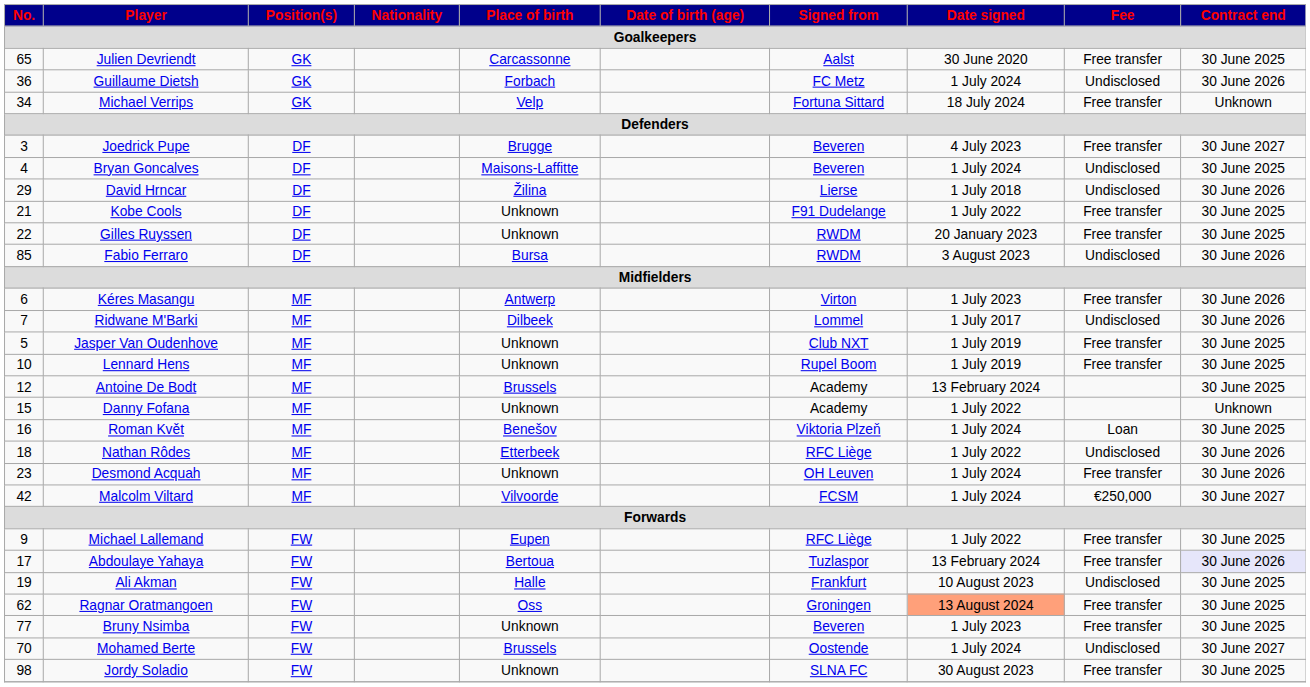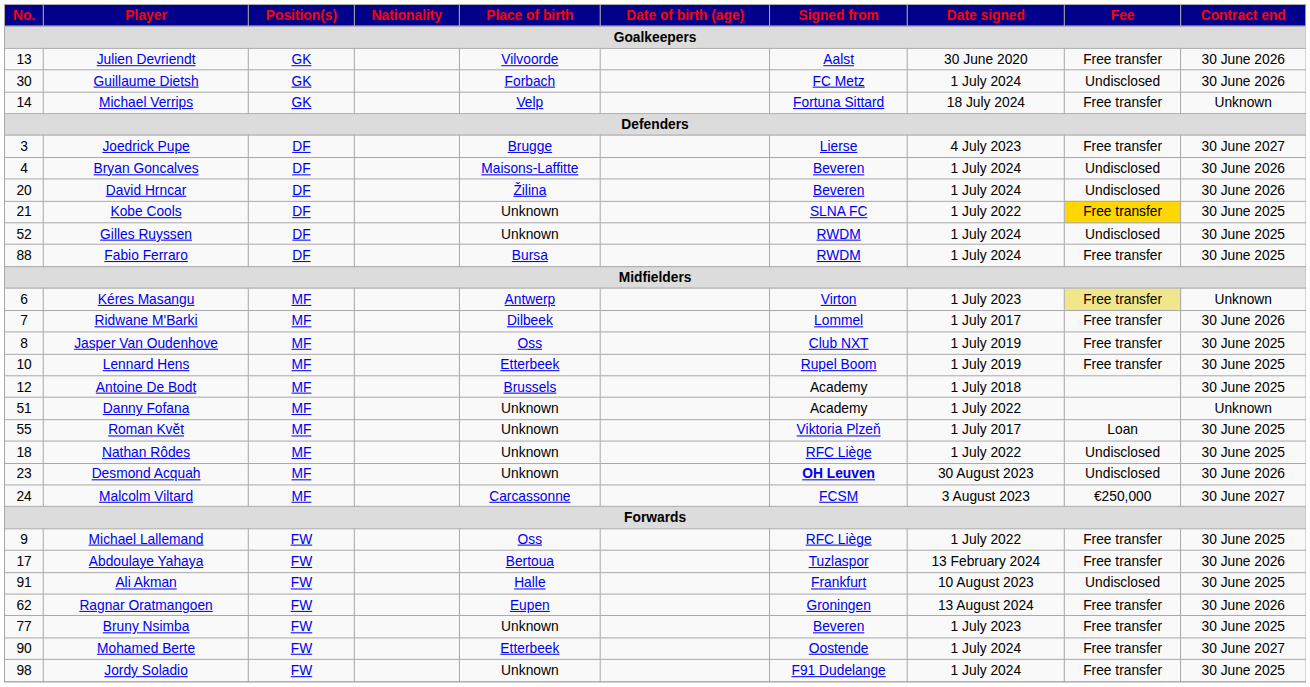 <table class="wikitable" style="text-align:center; font-size:84.5%; width:101%;">
 <tr>
 <th style="color:red; background:#00008B; text-align:center;">No.</th>
 <th style="color:red; background:#00008B; text-align:center;">Player</th>
 <th style="color:red; background:#00008B; text-align:center;">Position(s)</th>
 <th style="color:red; background:#00008B; text-align:center;">Nationality</th>
 <th style="color:red; background:#00008B; text-align:center;">Place of birth</th>
 <th style="color:red; background:#00008B; text-align:center;">Date of birth (age)</th>
 <th style="color:red; background:#00008B; text-align:center;">Signed from</th>
 <th style="color:red; background:#00008B; text-align:center;">Date signed</th>
 <th style="color:red; background:#00008B; text-align:center;">Fee</th>
 <th style="color:red; background:#00008B; text-align:center;">Contract end</th>
 </tr>
 <tr>
 <th colspan="14" style="background:#dcdcdc; tepxt-align:center;">Goalkeepers</th>
 </tr>
 <tr>
-<td>65</td>
+<td>13</td>
 <td><a href='#'>Julien Devriendt</a></td>
 <td><a href='#'>GK</a></td>
 <td></td>
-<td><a href='#'>Carcassonne</a></td>
+<td><a href='#'>Vilvoorde</a></td>
 <td></td>
 <td> <a href='#'>Aalst</a></td>
 <td>30 June 2020</td>
 <td>Free transfer</td>
-<td>30 June 2025</td>
+<td>30 June 2026</td>
 </tr>
 <tr>
-<td>36</td>
+<td>30</td>
 <td><a href='#'>Guillaume Dietsh</a></td>
 <td><a href='#'>GK</a></td>
 <td></td>
 <td><a href='#'>Forbach</a></td>
 <td></td>
 <td> <a href='#'>FC Metz</a></td>
 <td>1 July 2024</td>
 <td>Undisclosed</td>
 <td>30 June 2026</td>
 </tr>
 <tr>
-<td>34</td>
+<td>14</td>
 <td><a href='#'>Michael Verrips</a></td>
 <td><a href='#'>GK</a></td>
 <td></td>
 <td><a href='#'>Velp</a></td>
 <td></td>
 <td> <a href='#'>Fortuna Sittard</a></td>
 <td>18 July 2024</td>
 <td>Free transfer</td>
 <td>Unknown</td>
 </tr>
 <tr>
 <th colspan="14" style="background:#dcdcdc; tepxt-align:center;">Defenders</th>
 </tr>
 <tr>
 <td>3</td>
 <td><a href='#'>Joedrick Pupe</a></td>
 <td><a href='#'>DF</a></td>
 <td></td>
 <td><a href='#'>Brugge</a></td>
 <td></td>
-<td> <a href='#'>Beveren</a></td>
+<td> <a href='#'>Lierse</a></td>
 <td>4 July 2023</td>
 <td>Free transfer</td>
 <td>30 June 2027</td>
 </tr>
 <tr>
 <td>4</td>
 <td><a href='#'>Bryan Goncalves</a></td>
 <td><a href='#'>DF</a></td>
 <td></td>
 <td><a href='#'>Maisons-Laffitte</a></td>
 <td></td>
 <td> <a href='#'>Beveren</a></td>
 <td>1 July 2024</td>
 <td>Undisclosed</td>
-<td>30 June 2025</td>
+<td>30 June 2026</td>
 </tr>
 <tr>
-<td>29</td>
+<td>20</td>
 <td><a href='#'>David Hrncar</a></td>
 <td><a href='#'>DF</a></td>
 <td></td>
 <td><a href='#'>Žilina</a></td>
 <td></td>
-<td> <a href='#'>Lierse</a></td>
-<td>1 July 2018</td>
+<td> <a href='#'>Beveren</a></td>
+<td>1 July 2024</td>
 <td>Undisclosed</td>
 <td>30 June 2026</td>
 </tr>
 <tr>
 <td>21</td>
 <td><a href='#'>Kobe Cools</a></td>
 <td><a href='#'>DF</a></td>
 <td></td>
 <td>Unknown</td>
 <td></td>
-<td> <a href='#'>F91 Dudelange</a></td>
+<td> <a href='#'>SLNA FC</a></td>
 <td>1 July 2022</td>
-<td>Free transfer</td>
+<td style="background: gold;">Free transfer</td>
 <td>30 June 2025</td>
 </tr>
 <tr>
-<td>22</td>
+<td>52</td>
 <td><a href='#'>Gilles Ruyssen</a></td>
 <td><a href='#'>DF</a></td>
 <td></td>
 <td>Unknown</td>
 <td></td>
 <td> <a href='#'>RWDM</a></td>
-<td>20 January 2023</td>
-<td>Free transfer</td>
+<td>1 July 2024</td>
+<td>Undisclosed</td>
 <td>30 June 2025</td>
 </tr>
 <tr>
-<td>85</td>
+<td>88</td>
 <td><a href='#'>Fabio Ferraro</a></td>
 <td><a href='#'>DF</a></td>
 <td></td>
 <td><a href='#'>Bursa</a></td>
 <td></td>
 <td> <a href='#'>RWDM</a></td>
-<td>3 August 2023</td>
-<td>Undisclosed</td>
-<td>30 June 2026</td>
+<td>1 July 2024</td>
+<td>Free transfer</td>
+<td>30 June 2025</td>
 </tr>
 <tr>
 <th colspan="14" style="background:#dcdcdc; tepxt-align:center;">Midfielders</th>
 </tr>
 <tr>
 <td>6</td>
 <td><a href='#'>Kéres Masangu</a></td>
 <td><a href='#'>MF</a></td>
 <td></td>
 <td><a href='#'>Antwerp</a></td>
 <td></td>
 <td> <a href='#'>Virton</a></td>
 <td>1 July 2023</td>
-<td>Free transfer</td>
-<td>30 June 2026</td>
+<td style="background: khaki;">Free transfer</td>
+<td>Unknown</td>
 </tr>
 <tr>
 <td>7</td>
 <td><a href='#'>Ridwane M'Barki</a></td>
 <td><a href='#'>MF</a></td>
 <td></td>
 <td><a href='#'>Dilbeek</a></td>
 <td></td>
 <td> <a href='#'>Lommel</a></td>
 <td>1 July 2017</td>
-<td>Undisclosed</td>
+<td>Free transfer</td>
 <td>30 June 2026</td>
 </tr>
 <tr>
-<td>5</td>
+<td>8</td>
 <td><a href='#'>Jasper Van Oudenhove</a></td>
 <td><a href='#'>MF</a></td>
 <td></td>
-<td>Unknown</td>
+<td><a href='#'>Oss</a></td>
 <td></td>
 <td> <a href='#'>Club NXT</a></td>
 <td>1 July 2019</td>
 <td>Free transfer</td>
 <td>30 June 2025</td>
 </tr>
 <tr>
 <td>10</td>
 <td><a href='#'>Lennard Hens</a></td>
 <td><a href='#'>MF</a></td>
 <td></td>
-<td>Unknown</td>
+<td><a href='#'>Etterbeek</a></td>
 <td></td>
 <td> <a href='#'>Rupel Boom</a></td>
 <td>1 July 2019</td>
 <td>Free transfer</td>
 <td>30 June 2025</td>
 </tr>
 <tr>
 <td>12</td>
 <td><a href='#'>Antoine De Bodt</a></td>
 <td><a href='#'>MF</a></td>
 <td></td>
 <td><a href='#'>Brussels</a></td>
 <td></td>
 <td>Academy</td>
-<td>13 February 2024</td>
+<td>1 July 2018</td>
 <td></td>
 <td>30 June 2025</td>
 </tr>
 <tr>
-<td>15</td>
+<td>51</td>
 <td><a href='#'>Danny Fofana</a></td>
 <td><a href='#'>MF</a></td>
 <td></td>
 <td>Unknown</td>
 <td></td>
 <td>Academy</td>
 <td>1 July 2022</td>
 <td></td>
 <td>Unknown</td>
 </tr>
 <tr>
-<td>16</td>
+<td>55</td>
 <td><a href='#'>Roman Květ</a></td>
 <td><a href='#'>MF</a></td>
 <td></td>
-<td><a href='#'>Benešov</a></td>
+<td>Unknown</td>
 <td></td>
 <td> <a href='#'>Viktoria Plzeň</a></td>
-<td>1 July 2024</td>
+<td>1 July 2017</td>
 <td>Loan</td>
 <td>30 June 2025</td>
 </tr>
 <tr>
 <td>18</td>
 <td><a href='#'>Nathan Rôdes</a></td>
 <td><a href='#'>MF</a></td>
 <td></td>
-<td><a href='#'>Etterbeek</a></td>
+<td>Unknown</td>
 <td></td>
 <td> <a href='#'>RFC Liège</a></td>
 <td>1 July 2022</td>
 <td>Undisclosed</td>
-<td>30 June 2026</td>
+<td>30 June 2025</td>
 </tr>
 <tr>
 <td>23</td>
 <td><a href='#'>Desmond Acquah</a></td>
 <td><a href='#'>MF</a></td>
 <td></td>
 <td>Unknown</td>
 <td></td>
-<td> <a href='#'>OH Leuven</a></td>
-<td>1 July 2024</td>
-<td>Free transfer</td>
+<td><strong> <a href='#'>OH Leuven</a></strong></td>
+<td>30 August 2023</td>
+<td>Undisclosed</td>
 <td>30 June 2026</td>
 </tr>
 <tr>
-<td>42</td>
+<td>24</td>
 <td><a href='#'>Malcolm Viltard</a></td>
 <td><a href='#'>MF</a></td>
 <td></td>
-<td><a href='#'>Vilvoorde</a></td>
+<td><a href='#'>Carcassonne</a></td>
 <td></td>
 <td> <a href='#'>FCSM</a></td>
-<td>1 July 2024</td>
+<td>3 August 2023</td>
 <td>€250,000</td>
 <td>30 June 2027</td>
 </tr>
 <tr>
 <th colspan="14" style="background:#dcdcdc; tepxt-align:center;">Forwards</th>
 </tr>
 <tr>
 <td>9</td>
 <td><a href='#'>Michael Lallemand</a></td>
 <td><a href='#'>FW</a></td>
 <td></td>
-<td><a href='#'>Eupen</a></td>
+<td><a href='#'>Oss</a></td>
 <td></td>
 <td> <a href='#'>RFC Liège</a></td>
 <td>1 July 2022</td>
 <td>Free transfer</td>
 <td>30 June 2025</td>
 </tr>
 <tr>
 <td>17</td>
 <td><a href='#'>Abdoulaye Yahaya</a></td>
 <td><a href='#'>FW</a></td>
 <td></td>
 <td><a href='#'>Bertoua</a></td>
 <td></td>
 <td> <a href='#'>Tuzlaspor</a></td>
 <td>13 February 2024</td>
 <td>Free transfer</td>
-<td style="background: lavender;">30 June 2026</td>
+<td>30 June 2026</td>
 </tr>
 <tr>
-<td>19</td>
+<td>91</td>
 <td><a href='#'>Ali Akman</a></td>
 <td><a href='#'>FW</a></td>
 <td></td>
 <td><a href='#'>Halle</a></td>
 <td></td>
 <td> <a href='#'>Frankfurt</a></td>
 <td>10 August 2023</td>
 <td>Undisclosed</td>
 <td>30 June 2025</td>
 </tr>
 <tr>
 <td>62</td>
 <td><a href='#'>Ragnar Oratmangoen</a></td>
 <td><a href='#'>FW</a></td>
 <td></td>
-<td><a href='#'>Oss</a></td>
+<td><a href='#'>Eupen</a></td>
 <td></td>
 <td> <a href='#'>Groningen</a></td>
-<td style="background: lightsalmon;">13 August 2024</td>
+<td>13 August 2024</td>
 <td>Free transfer</td>
-<td>30 June 2025</td>
+<td>30 June 2026</td>
 </tr>
 <tr>
 <td>77</td>
 <td><a href='#'>Bruny Nsimba</a></td>
 <td><a href='#'>FW</a></td>
 <td></td>
 <td>Unknown</td>
 <td></td>
 <td> <a href='#'>Beveren</a></td>
 <td>1 July 2023</td>
 <td>Free transfer</td>
 <td>30 June 2025</td>
 </tr>
 <tr>
-<td>70</td>
+<td>90</td>
 <td><a href='#'>Mohamed Berte</a></td>
 <td><a href='#'>FW</a></td>
 <td></td>
-<td><a href='#'>Brussels</a></td>
+<td><a href='#'>Etterbeek</a></td>
 <td></td>
 <td> <a href='#'>Oostende</a></td>
 <td>1 July 2024</td>
-<td>Undisclosed</td>
+<td>Free transfer</td>
 <td>30 June 2027</td>
 </tr>
 <tr>
 <td>98</td>
 <td><a href='#'>Jordy Soladio</a></td>
 <td><a href='#'>FW</a></td>
 <td></td>
 <td>Unknown</td>
 <td></td>
-<td> <a href='#'>SLNA FC</a></td>
-<td>30 August 2023</td>
+<td> <a href='#'>F91 Dudelange</a></td>
+<td>1 July 2024</td>
 <td>Free transfer</td>
 <td>30 June 2025</td>
 </tr>
 <tr>
 </tr>
 </table>
